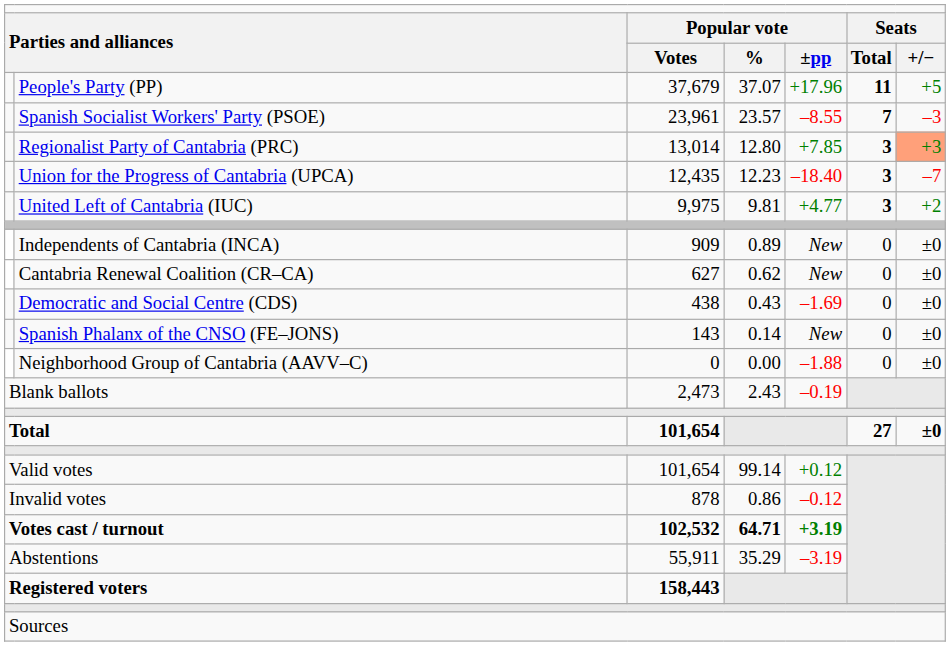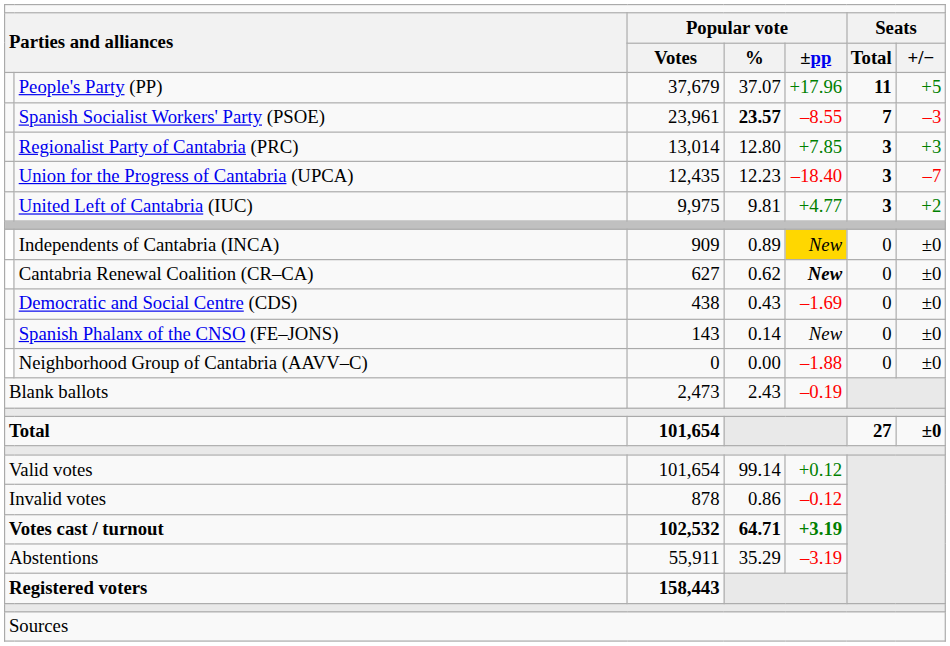 <table class="wikitable" style="text-align:right;">
 <tr>
 <td colspan="7"></td>
 </tr>
 <tr>
 <th style="text-align:left;" rowspan="2" colspan="2" width="525">Parties and alliances</th>
 <th colspan="3">Popular vote</th>
 <th colspan="2">Seats</th>
 </tr>
 <tr>
 <th width="75">Votes</th>
 <th width="45">%</th>
 <th width="45">±<a href='#'>pp</a></th>
 <th width="35">Total</th>
 <th width="35">+/−</th>
 </tr>
 <tr>
 <td width="1" style="color:inherit;background:"></td>
 <td align="left"><a href='#'>People's Party</a> (PP)</td>
 <td>37,679</td>
 <td>37.07</td>
 <td style="color:green;">+17.96</td>
 <td><strong>11</strong></td>
 <td style="color:green;">+5</td>
 </tr>
 <tr>
 <td style="color:inherit;background:"></td>
 <td align="left"><a href='#'>Spanish Socialist Workers' Party</a> (PSOE)</td>
 <td>23,961</td>
-<td>23.57</td>
+<td><strong>23.57</strong></td>
 <td style="color:red;">–8.55</td>
 <td><strong>7</strong></td>
 <td style="color:red;">–3</td>
 </tr>
 <tr>
 <td style="color:inherit;background:"></td>
 <td align="left"><a href='#'>Regionalist Party of Cantabria</a> (PRC)</td>
 <td>13,014</td>
 <td>12.80</td>
 <td style="color:green;">+7.85</td>
 <td><strong>3</strong></td>
-<td style="background: lightsalmon; color:green;">+3</td>
+<td style="color:green;">+3</td>
 </tr>
 <tr>
 <td style="color:inherit;background:"></td>
 <td align="left"><a href='#'>Union for the Progress of Cantabria</a> (UPCA)</td>
 <td>12,435</td>
 <td>12.23</td>
 <td style="color:red;">–18.40</td>
 <td><strong>3</strong></td>
 <td style="color:red;">–7</td>
 </tr>
 <tr>
 <td style="color:inherit;background:"></td>
 <td align="left"><a href='#'>United Left of Cantabria</a> (IUC)</td>
 <td>9,975</td>
 <td>9.81</td>
 <td style="color:green;">+4.77</td>
 <td><strong>3</strong></td>
 <td style="color:green;">+2</td>
 </tr>
 <tr>
 <td colspan="7" bgcolor="#C0C0C0"></td>
 </tr>
 <tr>
 <td bgcolor="white"></td>
 <td align="left">Independents of Cantabria (INCA)</td>
 <td>909</td>
 <td>0.89</td>
-<td><em>New</em></td>
+<td style="background: gold;"><em>New</em></td>
 <td>0</td>
 <td>±0</td>
 </tr>
 <tr>
 <td bgcolor="white"></td>
 <td align="left">Cantabria Renewal Coalition (CR–CA)</td>
 <td>627</td>
 <td>0.62</td>
-<td><em>New</em></td>
+<td><strong><em>New</em></strong></td>
 <td>0</td>
 <td>±0</td>
 </tr>
 <tr>
 <td style="color:inherit;background:"></td>
 <td align="left"><a href='#'>Democratic and Social Centre</a> (CDS)</td>
 <td>438</td>
 <td>0.43</td>
 <td style="color:red;">–1.69</td>
 <td>0</td>
 <td>±0</td>
 </tr>
 <tr>
 <td style="color:inherit;background:"></td>
 <td align="left"><a href='#'>Spanish Phalanx of the CNSO</a> (FE–JONS)</td>
 <td>143</td>
 <td>0.14</td>
 <td><em>New</em></td>
 <td>0</td>
 <td>±0</td>
 </tr>
 <tr>
 <td bgcolor="white"></td>
 <td align="left">Neighborhood Group of Cantabria (AAVV–C)</td>
 <td>0</td>
 <td>0.00</td>
 <td style="color:red;">–1.88</td>
 <td>0</td>
 <td>±0</td>
 </tr>
 <tr>
 <td align="left" colspan="2">Blank ballots</td>
 <td>2,473</td>
 <td>2.43</td>
 <td style="color:red;">–0.19</td>
 <td bgcolor="#E9E9E9" colspan="2"></td>
 </tr>
 <tr>
 <td colspan="7" bgcolor="#E9E9E9"></td>
 </tr>
 <tr style="font-weight:bold;">
 <td align="left" colspan="2">Total</td>
 <td>101,654</td>
 <td bgcolor="#E9E9E9" colspan="2"></td>
 <td>27</td>
 <td>±0</td>
 </tr>
 <tr>
 <td colspan="7" bgcolor="#E9E9E9"></td>
 </tr>
 <tr>
 <td align="left" colspan="2">Valid votes</td>
 <td>101,654</td>
 <td>99.14</td>
 <td style="color:green;">+0.12</td>
 <td bgcolor="#E9E9E9" colspan="2" rowspan="5"></td>
 </tr>
 <tr>
 <td align="left" colspan="2">Invalid votes</td>
 <td>878</td>
 <td>0.86</td>
 <td style="color:red;">–0.12</td>
 </tr>
 <tr style="font-weight:bold;">
 <td align="left" colspan="2">Votes cast / turnout</td>
 <td>102,532</td>
 <td>64.71</td>
 <td style="color:green;">+3.19</td>
 </tr>
 <tr>
 <td align="left" colspan="2">Abstentions</td>
 <td>55,911</td>
 <td>35.29</td>
 <td style="color:red;">–3.19</td>
 </tr>
 <tr style="font-weight:bold;">
 <td align="left" colspan="2">Registered voters</td>
 <td>158,443</td>
 <td bgcolor="#E9E9E9" colspan="2"></td>
 </tr>
 <tr>
 <td colspan="7" bgcolor="#E9E9E9"></td>
 </tr>
 <tr>
 <td align="left" colspan="7">Sources</td>
 </tr>
 </table>
